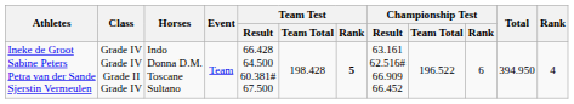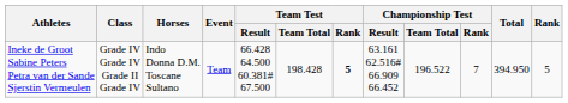 <table class=wikitable style="font-size:90%">
 <tr>
 <th rowspan="2">Athletes</th>
 <th rowspan="2">Class</th>
 <th rowspan="2">Horses</th>
 <th rowspan="2">Event</th>
 <th colspan="3">Team Test</th>
 <th colspan="3">Championship Test</th>
 <th rowspan="2">Total</th>
 <th rowspan="2">Rank</th>
 </tr>
 <tr>
 <th>Result</th>
 <th>Team Total</th>
 <th>Rank</th>
 <th>Result</th>
 <th>Team Total</th>
 <th>Rank</th>
 </tr>
 <tr>
 <td><a href='#'>Ineke de Groot</a><br><a href='#'>Sabine Peters</a><br><a href='#'>Petra van der Sande</a><br><a href='#'>Sjerstin Vermeulen</a></td>
 <td align="center">Grade IV<br>Grade IV<br>Grade II<br>Grade IV</td>
 <td>Indo<br>Donna D.M.<br>Toscane<br>Sultano</td>
 <td align="center"><a href='#'>Team</a></td>
 <td align="center">66.428<br>64.500<br>60.381#<br>67.500</td>
 <td align="center">198.428</td>
 <td align="center"><strong>5</strong></td>
 <td align="center">63.161<br>62.516#<br>66.909<br>66.452</td>
 <td align="center">196.522</td>
-<td align="center">6</td>
+<td align="center">7</td>
 <td align="center">394.950</td>
-<td align="center">4</td>
+<td align="center">5</td>
 </tr>
 </table>
